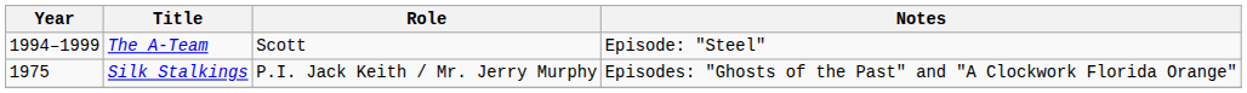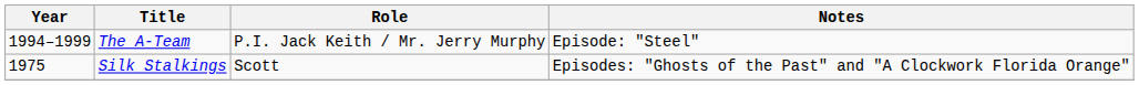 <table class="wikitable sortable">
 <tr>
 <th>Year</th>
 <th>Title</th>
 <th>Role</th>
 <th>Notes</th>
 </tr>
 <tr>
 <td>1994–1999</td>
 <td><em><a href='#'>The A-Team</a></em></td>
-<td>Scott</td>
+<td>P.I. Jack Keith / Mr. Jerry Murphy</td>
 <td>Episode: "Steel"</td>
 </tr>
 <tr>
 <td>1975</td>
 <td><em><a href='#'>Silk Stalkings</a></em></td>
-<td>P.I. Jack Keith / Mr. Jerry Murphy</td>
+<td>Scott</td>
 <td>Episodes: "Ghosts of the Past" and "A Clockwork Florida Orange"</td>
 </tr>
 <tr>
 </tr>
 </table>
